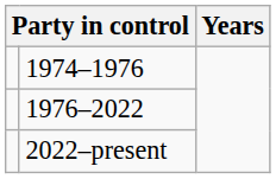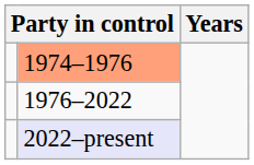 <table class="wikitable">
 <tr>
 <th colspan="2">Party in control</th>
 <th>Years</th>
 </tr>
 <tr>
 <td></td>
-<td>1974–1976</td>
+<td style="background: lightsalmon;">1974–1976</td>
 </tr>
 <tr>
 <td></td>
 <td>1976–2022</td>
 </tr>
 <tr>
 <td></td>
-<td>2022–present</td>
+<td style="background: lavender;">2022–present</td>
 </tr>
 </table>
